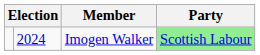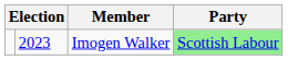 <table class="wikitable">
 <tr>
 <th colspan="2">Election</th>
 <th>Member</th>
 <th>Party</th>
 </tr>
 <tr>
 <td style="color:inherit;background-color: "></td>
-<td><a href='#'>2024</a></td>
+<td><a href='#'>2023</a></td>
 <td><a href='#'>Imogen Walker</a></td>
 <td style="background: lightgreen;"><a href='#'> Scottish Labour</a></td>
 </tr>
 </table>
